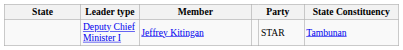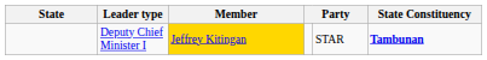 <table class ="wikitable sortable">
 <tr>
 <th style="width:120px;">State</th>
 <th style="width:90px;">Leader type</th>
 <th style="width:180px;">Member</th>
 <th style="width:80px;" colspan=2>Party</th>
 <th style="width:150px;">State Constituency</th>
 </tr>
 <tr>
 <td></td>
 <td><a href='#'>Deputy Chief Minister I</a></td>
-<td><a href='#'>Jeffrey Kitingan</a></td>
+<td style="background: gold;"><a href='#'>Jeffrey Kitingan</a></td>
 <td style="background:"></td>
 <td>STAR</td>
-<td><a href='#'>Tambunan</a></td>
+<td><strong><a href='#'>Tambunan</a></strong></td>
 </tr>
 </table>
